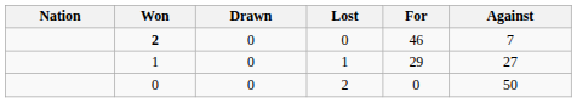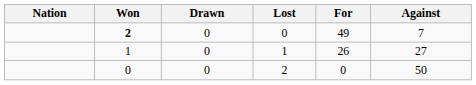 <table class="wikitable" style="text-align: center; width:50%">
 <tr>
 <th>Nation</th>
 <th>Won</th>
 <th>Drawn</th>
 <th>Lost</th>
 <th>For</th>
 <th>Against</th>
 </tr>
 <tr>
 <td align=left></td>
 <td><strong>2</strong></td>
 <td>0</td>
 <td>0</td>
-<td>46</td>
+<td>49</td>
 <td>7</td>
 </tr>
 <tr>
 <td align=left></td>
 <td>1</td>
 <td>0</td>
 <td>1</td>
-<td>29</td>
+<td>26</td>
 <td>27</td>
 </tr>
 <tr>
 <td align=left></td>
 <td>0</td>
 <td>0</td>
 <td>2</td>
 <td>0</td>
 <td>50</td>
 </tr>
 </table>
